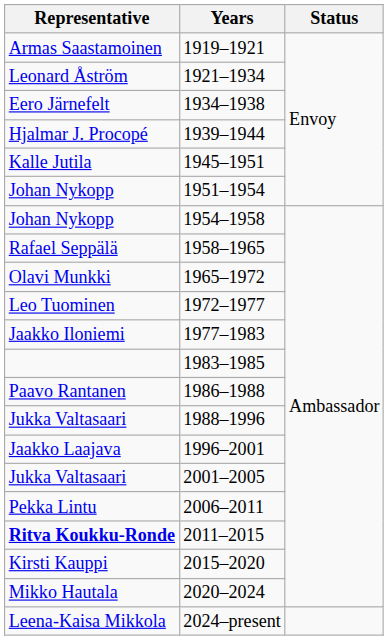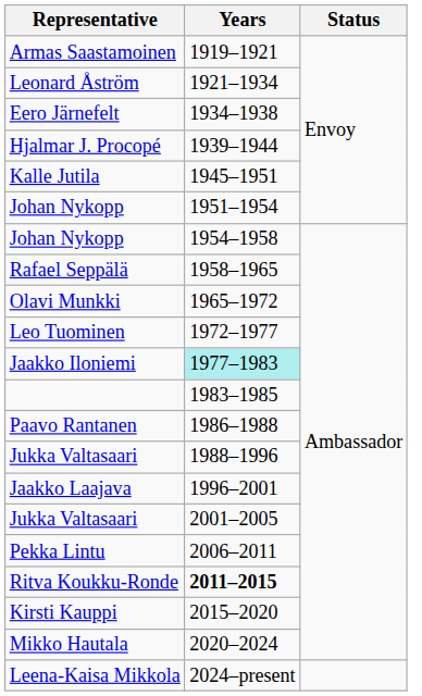 <table class="wikitable sortable">
 <tr>
 <th>Representative</th>
 <th>Years</th>
 <th>Status</th>
 </tr>
 <tr>
 <td><a href='#'>Armas Saastamoinen</a></td>
 <td>1919–1921</td>
 <td rowspan="6">Envoy</td>
 </tr>
 <tr>
 <td><a href='#'>Leonard Åström</a></td>
 <td>1921–1934</td>
 </tr>
 <tr>
 <td><a href='#'>Eero Järnefelt</a></td>
 <td>1934–1938</td>
 </tr>
 <tr>
 <td><a href='#'>Hjalmar J. Procopé</a></td>
 <td>1939–1944</td>
 </tr>
 <tr>
 <td><a href='#'>Kalle Jutila</a></td>
 <td>1945–1951</td>
 </tr>
 <tr>
 <td><a href='#'>Johan Nykopp</a></td>
 <td>1951–1954</td>
 </tr>
 <tr>
 <td><a href='#'>Johan Nykopp</a></td>
 <td>1954–1958</td>
 <td rowspan="14">Ambassador</td>
 </tr>
 <tr>
 <td><a href='#'>Rafael Seppälä</a></td>
 <td>1958–1965</td>
 </tr>
 <tr>
 <td><a href='#'>Olavi Munkki</a></td>
 <td>1965–1972</td>
 </tr>
 <tr>
 <td><a href='#'>Leo Tuominen</a></td>
 <td>1972–1977</td>
 </tr>
 <tr>
 <td><a href='#'>Jaakko Iloniemi</a></td>
-<td>1977–1983</td>
+<td style="background: paleturquoise;">1977–1983</td>
 </tr>
 <tr>
 <td></td>
 <td>1983–1985</td>
 </tr>
 <tr>
 <td><a href='#'>Paavo Rantanen</a></td>
 <td>1986–1988</td>
 </tr>
 <tr>
 <td><a href='#'>Jukka Valtasaari</a></td>
 <td>1988–1996</td>
 </tr>
 <tr>
 <td><a href='#'>Jaakko Laajava</a></td>
 <td>1996–2001</td>
 </tr>
 <tr>
 <td><a href='#'>Jukka Valtasaari</a></td>
 <td>2001–2005</td>
 </tr>
 <tr>
 <td><a href='#'>Pekka Lintu</a></td>
 <td>2006–2011</td>
 </tr>
 <tr>
-<td><strong><a href='#'>Ritva Koukku-Ronde</a></strong></td>
-<td>2011–2015</td>
+<td><a href='#'>Ritva Koukku-Ronde</a></td>
+<td><strong>2011–2015</strong></td>
 </tr>
 <tr>
 <td><a href='#'>Kirsti Kauppi</a></td>
 <td>2015–2020</td>
 </tr>
 <tr>
 <td><a href='#'>Mikko Hautala</a></td>
 <td>2020–2024</td>
 </tr>
 <tr>
 <td><a href='#'>Leena-Kaisa Mikkola</a></td>
 <td>2024–present</td>
 </tr>
 </table>
